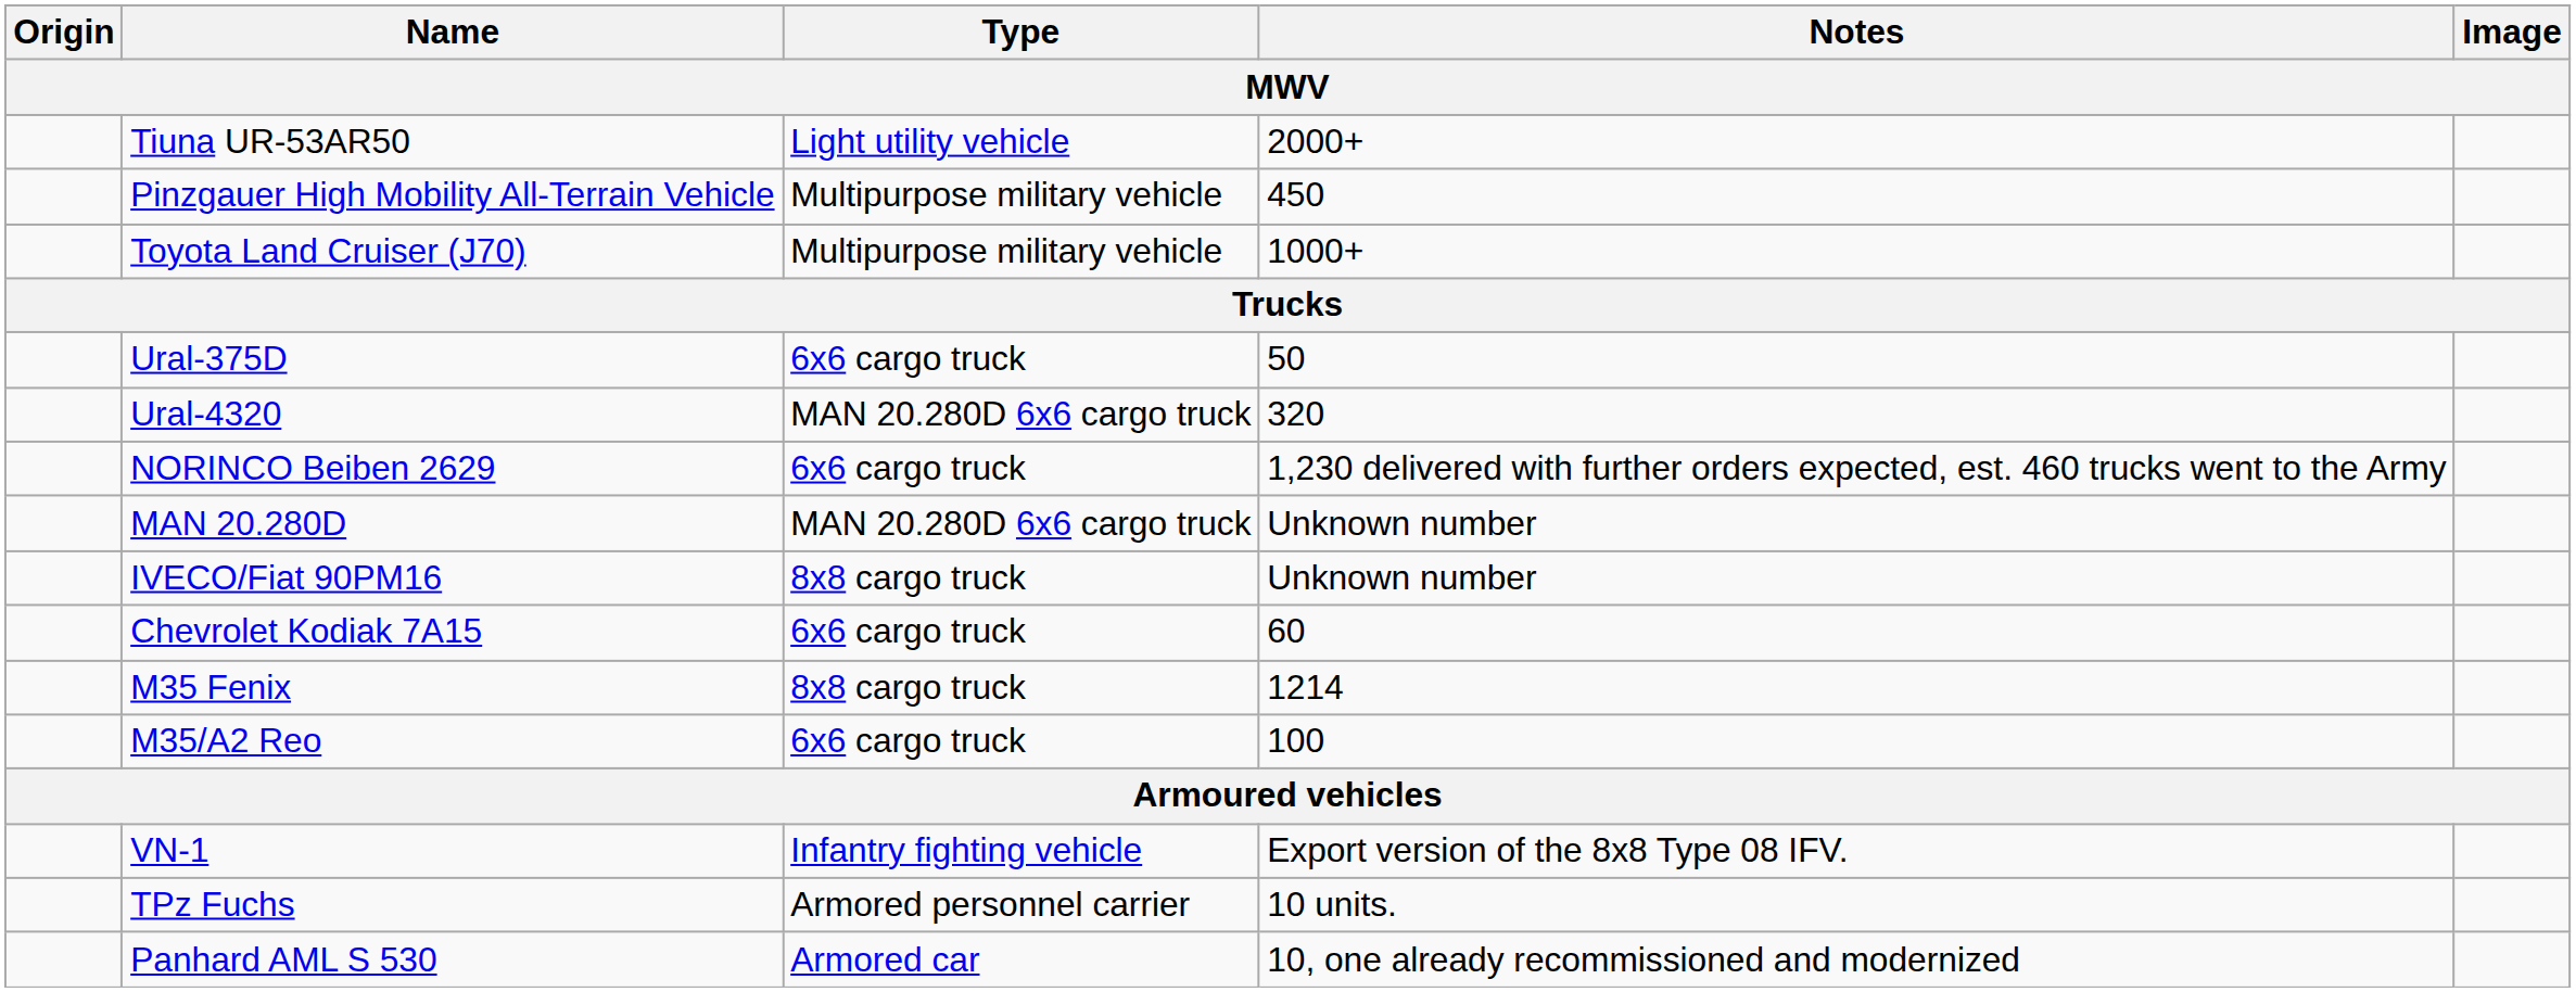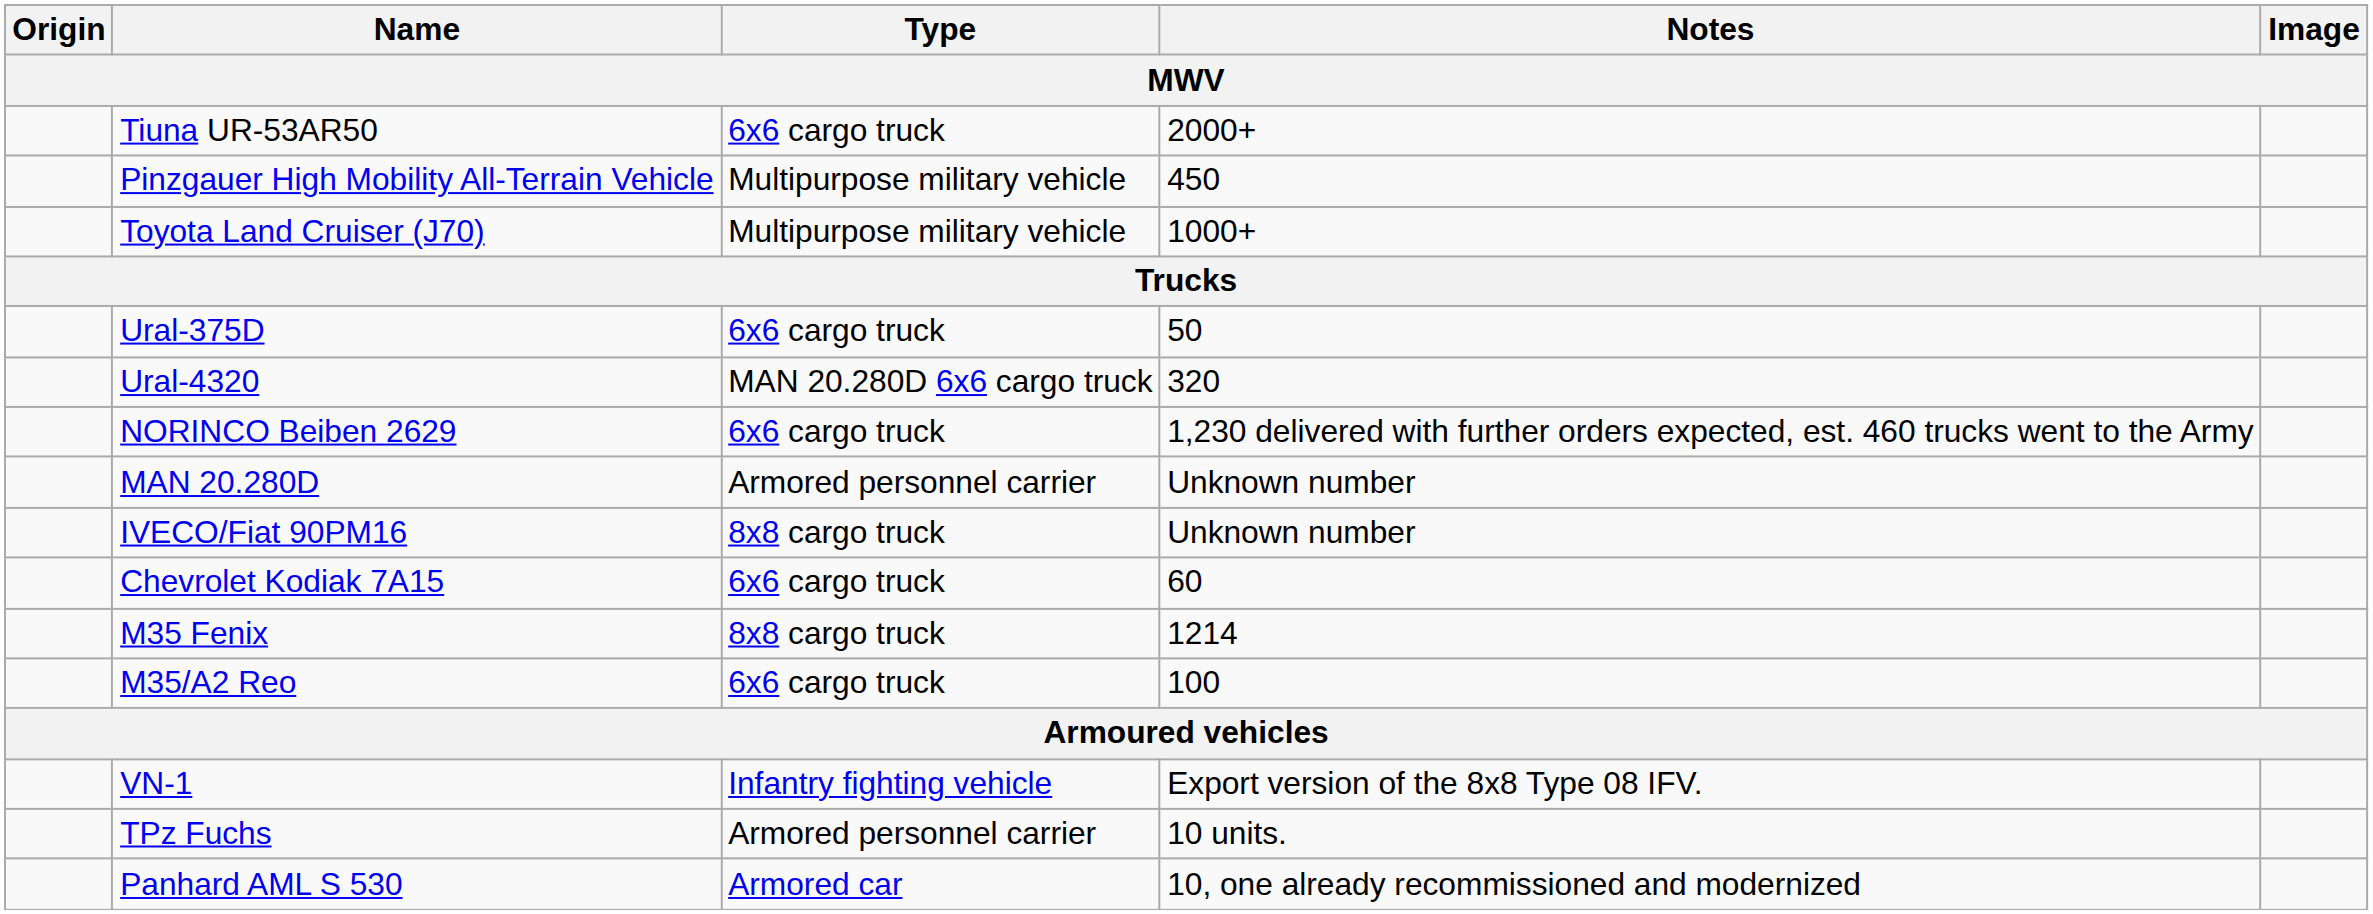 <table class="wikitable">
 <tr>
 <th>Origin</th>
 <th>Name</th>
 <th>Type</th>
 <th>Notes</th>
 <th>Image</th>
 </tr>
 <tr>
 <th colspan="8">MWV</th>
 </tr>
 <tr>
 <td><br></td>
 <td><a href='#'>Tiuna</a> UR-53AR50</td>
-<td><a href='#'>Light utility vehicle</a></td>
+<td><a href='#'>6x6</a> cargo truck</td>
 <td>2000+</td>
 <td></td>
 </tr>
 <tr>
 <td></td>
 <td><a href='#'>Pinzgauer High Mobility All-Terrain Vehicle</a></td>
 <td>Multipurpose military vehicle</td>
 <td>450</td>
 <td></td>
 </tr>
 <tr>
 <td></td>
 <td><a href='#'>Toyota Land Cruiser (J70)</a></td>
 <td>Multipurpose military vehicle</td>
 <td>1000+</td>
 <td></td>
 </tr>
 <tr>
 <th style="align: center;" colspan="8">Trucks</th>
 </tr>
 <tr>
 <td></td>
 <td><a href='#'>Ural-375D</a></td>
 <td><a href='#'>6x6</a> cargo truck</td>
 <td>50</td>
 <td></td>
 </tr>
 <tr>
 <td></td>
 <td><a href='#'>Ural-4320</a></td>
 <td>MAN 20.280D <a href='#'>6x6</a> cargo truck</td>
 <td>320</td>
 <td></td>
 </tr>
 <tr>
 <td></td>
 <td><a href='#'>NORINCO Beiben 2629</a></td>
 <td><a href='#'>6x6</a> cargo truck</td>
 <td>1,230 delivered with further orders expected, est. 460 trucks went to the Army</td>
 <td></td>
 </tr>
 <tr>
 <td></td>
 <td><a href='#'>MAN 20.280D</a></td>
-<td>MAN 20.280D <a href='#'>6x6</a> cargo truck</td>
+<td>Armored personnel carrier</td>
 <td>Unknown number</td>
 <td></td>
 </tr>
 <tr>
 <td></td>
 <td><a href='#'>IVECO/Fiat 90PM16</a></td>
 <td><a href='#'>8x8</a> cargo truck</td>
 <td>Unknown number</td>
 <td></td>
 </tr>
 <tr>
 <td></td>
 <td><a href='#'>Chevrolet Kodiak 7A15</a></td>
 <td><a href='#'>6x6</a> cargo truck</td>
 <td>60</td>
 <td></td>
 </tr>
 <tr>
 <td></td>
 <td><a href='#'>M35 Fenix</a></td>
 <td><a href='#'>8x8</a> cargo truck</td>
 <td>1214</td>
 <td></td>
 </tr>
 <tr>
 <td></td>
 <td><a href='#'>M35/A2 Reo</a></td>
 <td><a href='#'>6x6</a> cargo truck</td>
 <td>100</td>
 <td></td>
 </tr>
 <tr>
 <th colspan="8">Armoured vehicles</th>
 </tr>
 <tr>
 <td></td>
 <td><a href='#'>VN-1</a></td>
 <td><a href='#'>Infantry fighting vehicle</a></td>
 <td>Export version of the 8x8 Type 08 IFV.</td>
 <td></td>
 </tr>
 <tr>
 <td></td>
 <td><a href='#'>TPz Fuchs</a></td>
 <td>Armored personnel carrier</td>
 <td>10 units.</td>
 <td></td>
 </tr>
 <tr>
 <td></td>
 <td><a href='#'>Panhard AML S 530</a></td>
 <td><a href='#'>Armored car</a></td>
 <td>10, one already recommissioned and modernized</td>
 <td></td>
 </tr>
 </table>
